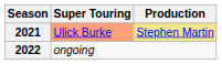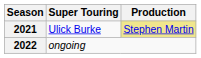 <table class="wikitable" style="font-size: 90%">
 <tr>
 <th>Season</th>
 <th>Super Touring</th>
 <th>Production</th>
 </tr>
 <tr>
 <th>2021</th>
-<td style="background: lightsalmon;"><a href='#'>Ulick Burke</a></td>
+<td><a href='#'>Ulick Burke</a></td>
 <td style="background: khaki;"><a href='#'>Stephen Martin</a></td>
 </tr>
 <tr>
 <th>2022</th>
 <td colspan = 3><em>ongoing</em></td>
 </tr>
 </table>
